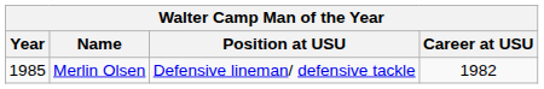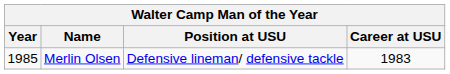 <table class="wikitable">
 <tr align="center">
 <th colspan=5>Walter Camp Man of the Year</th>
 </tr>
 <tr>
 <th>Year</th>
 <th>Name</th>
 <th>Position at USU</th>
 <th>Career at USU</th>
 </tr>
 <tr align="center" bgcolor="">
 <td>1985</td>
 <td><a href='#'>Merlin Olsen</a></td>
 <td><a href='#'>Defensive lineman</a>/ <a href='#'>defensive tackle</a></td>
-<td>1982</td>
+<td>1983</td>
 </tr>
 </table>
